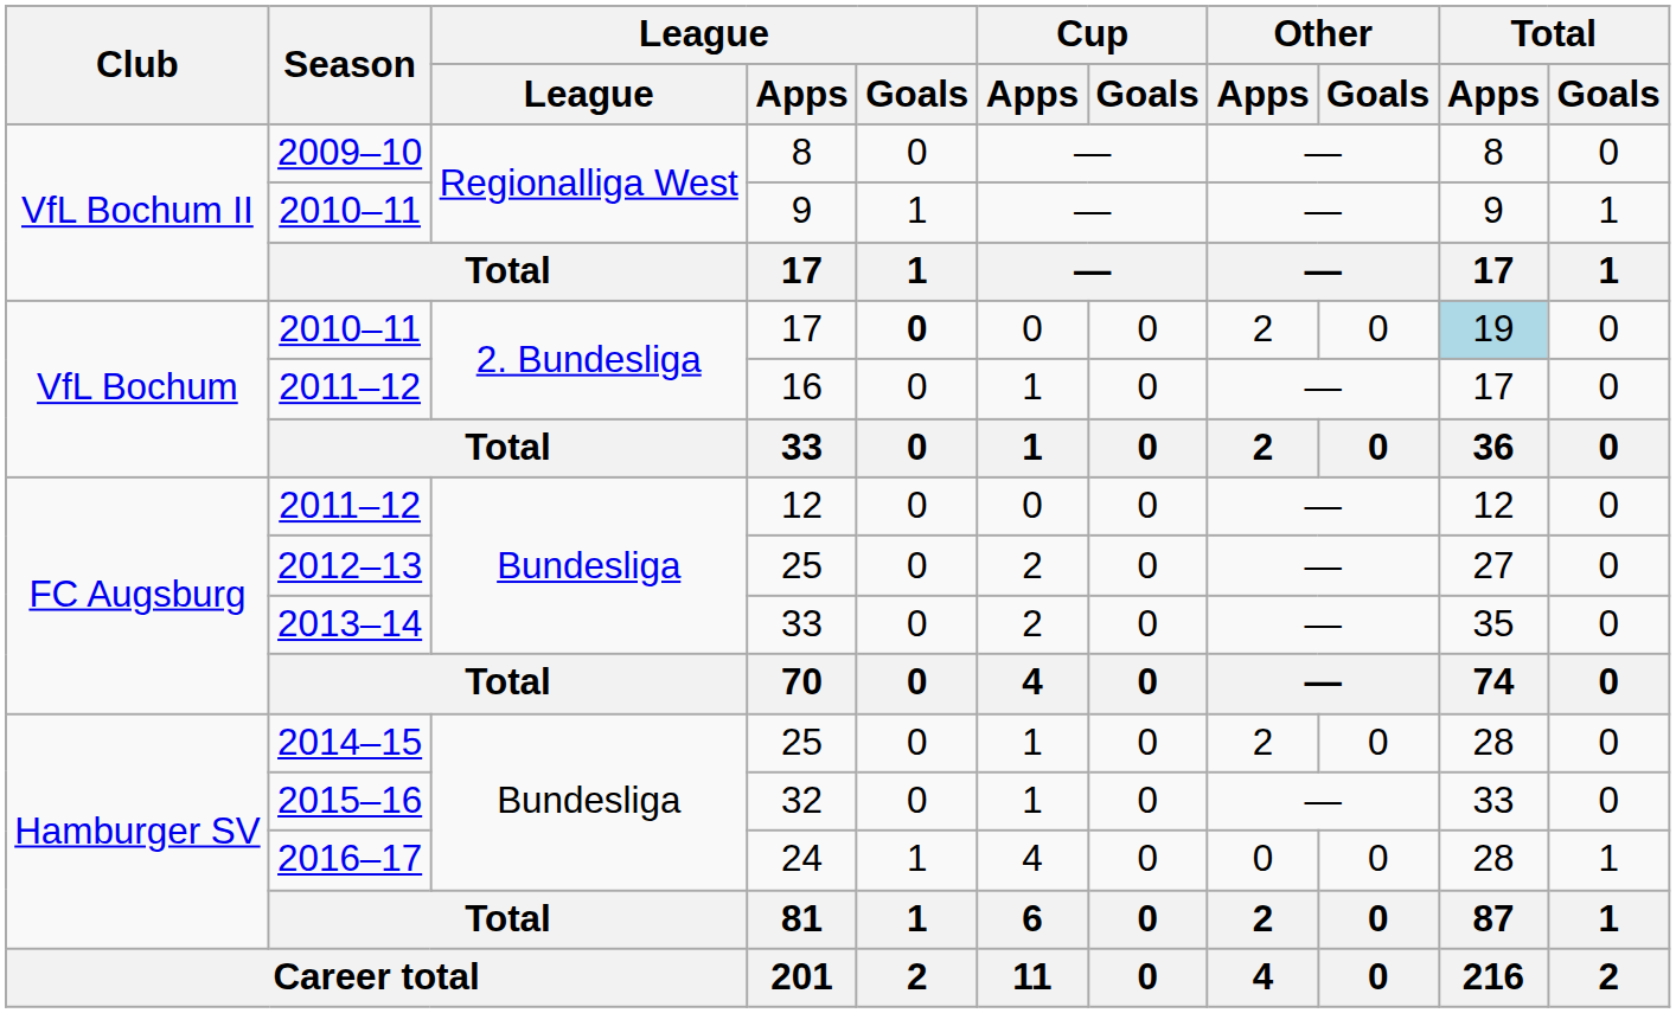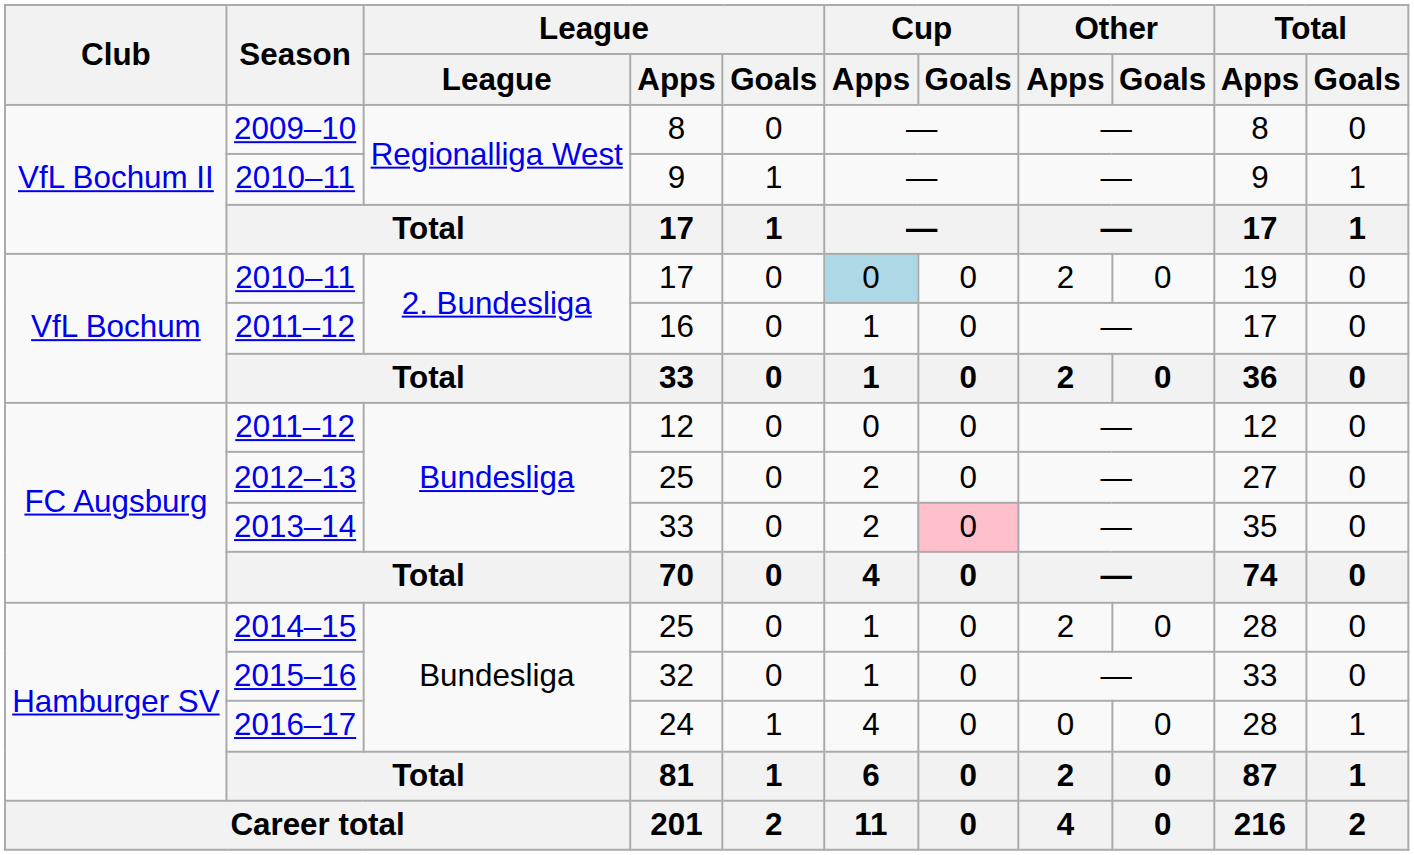 <table class="wikitable" style="text-align:center">
 <tr>
 <th rowspan="2">Club</th>
 <th rowspan="2">Season</th>
 <th colspan="3">League</th>
 <th colspan="2">Cup</th>
 <th colspan="2">Other</th>
 <th colspan="2">Total</th>
 </tr>
 <tr>
 <th>League</th>
 <th>Apps</th>
 <th>Goals</th>
 <th>Apps</th>
 <th>Goals</th>
 <th>Apps</th>
 <th>Goals</th>
 <th>Apps</th>
 <th>Goals</th>
 </tr>
 <tr>
 <td rowspan="3"><a href='#'>VfL Bochum II</a></td>
 <td><a href='#'>2009–10</a></td>
 <td rowspan="2"><a href='#'>Regionalliga West</a></td>
 <td>8</td>
 <td>0</td>
 <td colspan="2">—</td>
 <td colspan="2">—</td>
 <td>8</td>
 <td>0</td>
 </tr>
 <tr>
 <td><a href='#'>2010–11</a></td>
 <td>9</td>
 <td>1</td>
 <td colspan="2">—</td>
 <td colspan="2">—</td>
 <td>9</td>
 <td>1</td>
 </tr>
 <tr>
 <th colspan="2">Total</th>
 <th>17</th>
 <th>1</th>
 <th colspan="2">—</th>
 <th colspan="2">—</th>
 <th>17</th>
 <th>1</th>
 </tr>
 <tr>
 <td rowspan="3"><a href='#'>VfL Bochum</a></td>
 <td><a href='#'>2010–11</a></td>
 <td rowspan="2"><a href='#'>2. Bundesliga</a></td>
 <td>17</td>
-<td><strong>0</strong></td>
 <td>0</td>
+<td style="background: lightblue;">0</td>
 <td>0</td>
 <td>2</td>
 <td>0</td>
-<td style="background: lightblue;">19</td>
+<td>19</td>
 <td>0</td>
 </tr>
 <tr>
 <td><a href='#'>2011–12</a></td>
 <td>16</td>
 <td>0</td>
 <td>1</td>
 <td>0</td>
 <td colspan="2">—</td>
 <td>17</td>
 <td>0</td>
 </tr>
 <tr>
 <th colspan="2">Total</th>
 <th>33</th>
 <th>0</th>
 <th>1</th>
 <th>0</th>
 <th>2</th>
 <th>0</th>
 <th>36</th>
 <th>0</th>
 </tr>
 <tr>
 <td rowspan="4"><a href='#'>FC Augsburg</a></td>
 <td><a href='#'>2011–12</a></td>
 <td rowspan="3"><a href='#'>Bundesliga</a></td>
 <td>12</td>
 <td>0</td>
 <td>0</td>
 <td>0</td>
 <td colspan="2">—</td>
 <td>12</td>
 <td>0</td>
 </tr>
 <tr>
 <td><a href='#'>2012–13</a></td>
 <td>25</td>
 <td>0</td>
 <td>2</td>
 <td>0</td>
 <td colspan="2">—</td>
 <td>27</td>
 <td>0</td>
 </tr>
 <tr>
 <td><a href='#'>2013–14</a></td>
 <td>33</td>
 <td>0</td>
 <td>2</td>
-<td>0</td>
+<td style="background: pink;">0</td>
 <td colspan="2">—</td>
 <td>35</td>
 <td>0</td>
 </tr>
 <tr>
 <th colspan="2">Total</th>
 <th>70</th>
 <th>0</th>
 <th>4</th>
 <th>0</th>
 <th colspan="2">—</th>
 <th>74</th>
 <th>0</th>
 </tr>
 <tr>
 <td rowspan="4"><a href='#'>Hamburger SV</a></td>
 <td><a href='#'>2014–15</a></td>
 <td rowspan="3">Bundesliga</td>
 <td>25</td>
 <td>0</td>
 <td>1</td>
 <td>0</td>
 <td>2</td>
 <td>0</td>
 <td>28</td>
 <td>0</td>
 </tr>
 <tr>
 <td><a href='#'>2015–16</a></td>
 <td>32</td>
 <td>0</td>
 <td>1</td>
 <td>0</td>
 <td colspan="2">—</td>
 <td>33</td>
 <td>0</td>
 </tr>
 <tr>
 <td><a href='#'>2016–17</a></td>
 <td>24</td>
 <td>1</td>
 <td>4</td>
 <td>0</td>
 <td>0</td>
 <td>0</td>
 <td>28</td>
 <td>1</td>
 </tr>
 <tr>
 <th colspan="2">Total</th>
 <th>81</th>
 <th>1</th>
 <th>6</th>
 <th>0</th>
 <th>2</th>
 <th>0</th>
 <th>87</th>
 <th>1</th>
 </tr>
 <tr>
 <th colspan="3">Career total</th>
 <th>201</th>
 <th>2</th>
 <th>11</th>
 <th>0</th>
 <th>4</th>
 <th>0</th>
 <th>216</th>
 <th>2</th>
 </tr>
 </table>
